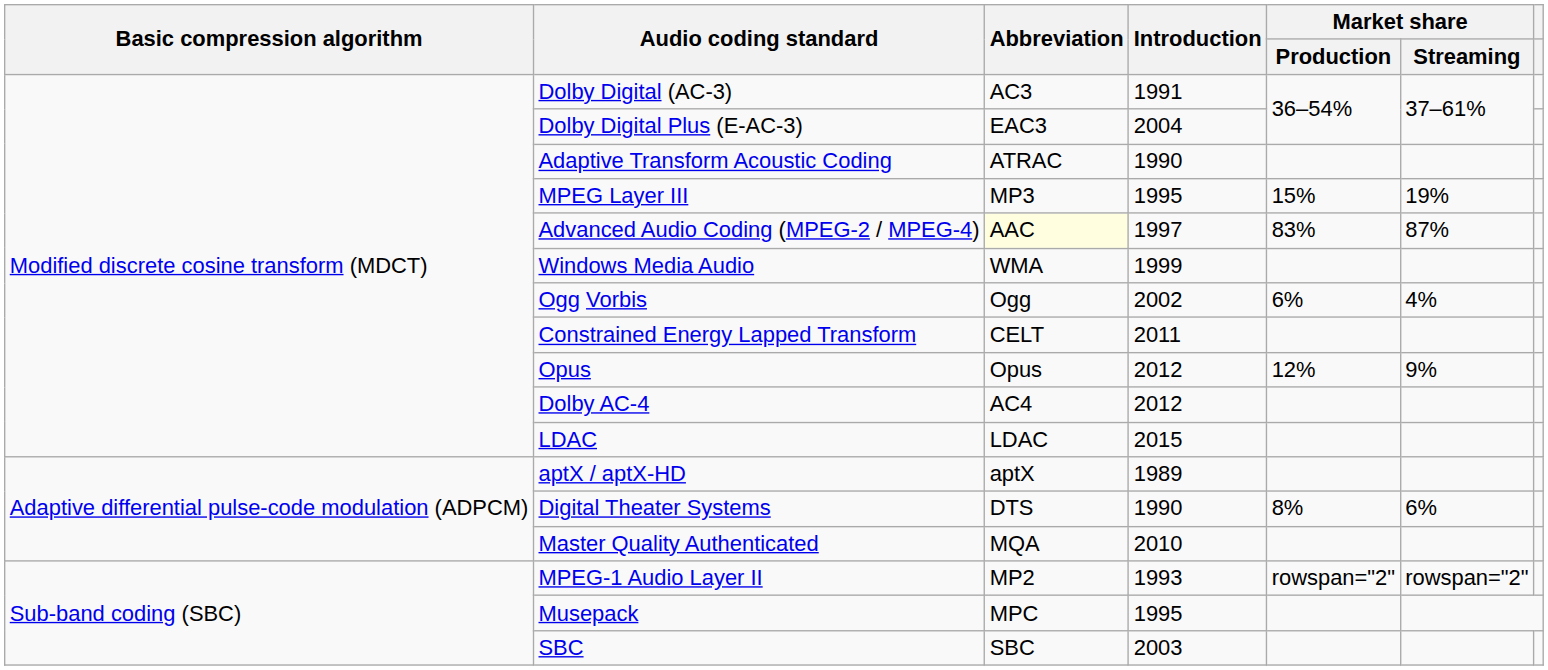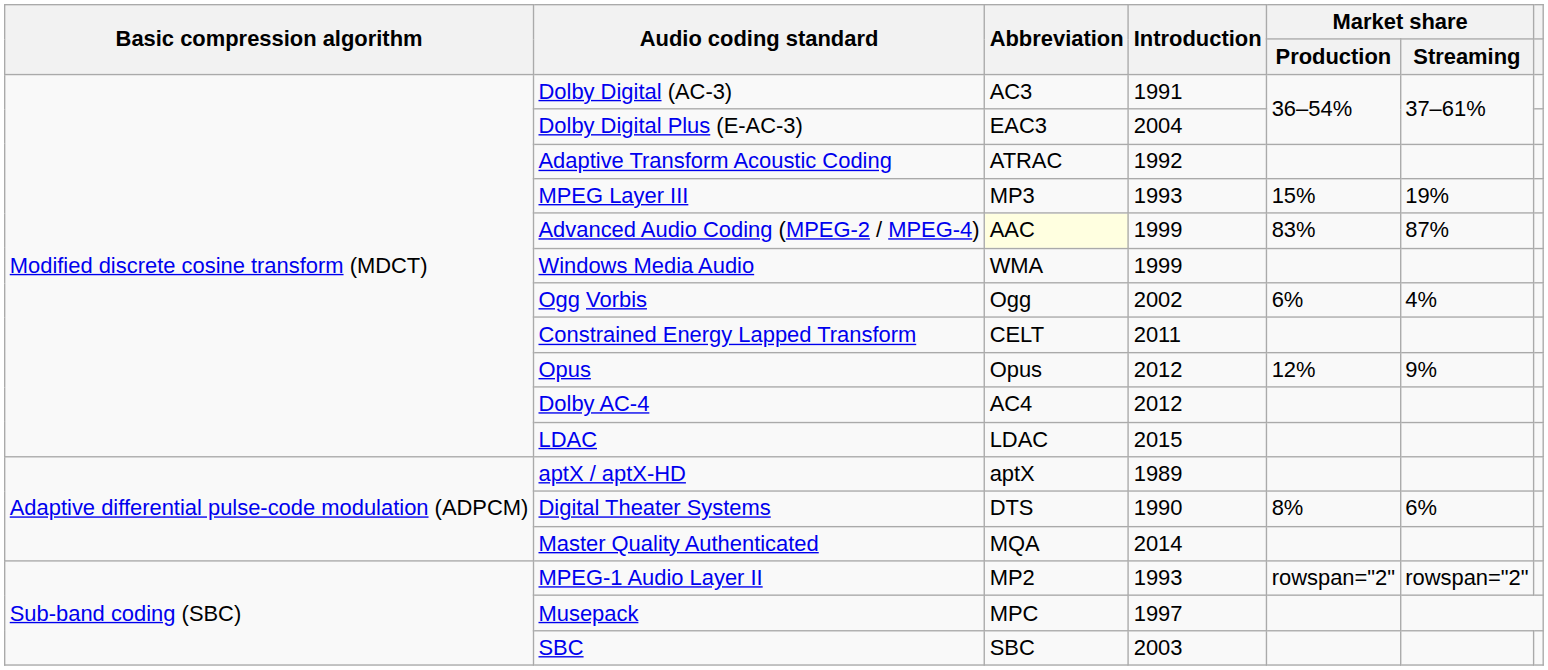 <table class="wikitable sortable">
 <tr>
 <th rowspan="2">Basic compression algorithm</th>
 <th rowspan="2">Audio coding standard</th>
 <th rowspan="2">Abbreviation</th>
 <th rowspan="2">Introduction</th>
 <th colspan="2">Market share </th>
 <th></th>
 </tr>
 <tr>
 <th>Production</th>
 <th>Streaming</th>
 <th></th>
 </tr>
 <tr>
 <td rowspan="11"><a href='#'>Modified discrete cosine transform</a> (MDCT)</td>
 <td><a href='#'>Dolby Digital</a> (AC-3)</td>
 <td>AC3</td>
 <td>1991</td>
 <td rowspan="2">36–54%</td>
 <td rowspan="2">37–61%</td>
 <td></td>
 </tr>
 <tr>
 <td><a href='#'>Dolby Digital Plus</a> (E-AC-3)</td>
 <td>EAC3</td>
 <td>2004</td>
 <td></td>
 </tr>
 <tr>
 <td><a href='#'>Adaptive Transform Acoustic Coding</a></td>
 <td>ATRAC</td>
-<td>1990</td>
+<td>1992</td>
 <td></td>
 <td></td>
 <td></td>
 </tr>
 <tr>
 <td><a href='#'>MPEG Layer III</a></td>
 <td>MP3</td>
-<td>1995</td>
+<td>1993</td>
 <td>15%</td>
 <td>19%</td>
 <td></td>
 </tr>
 <tr>
 <td><a href='#'>Advanced Audio Coding</a> (<a href='#'>MPEG-2</a> / <a href='#'>MPEG-4</a>)</td>
 <td style="background: lightyellow;">AAC</td>
-<td>1997</td>
+<td>1999</td>
 <td>83%</td>
 <td>87%</td>
 <td></td>
 </tr>
 <tr>
 <td><a href='#'>Windows Media Audio</a></td>
 <td>WMA</td>
 <td>1999</td>
 <td></td>
 <td></td>
 <td></td>
 </tr>
 <tr>
 <td><a href='#'>Ogg</a> <a href='#'>Vorbis</a></td>
 <td>Ogg</td>
 <td>2002</td>
 <td>6%</td>
 <td>4%</td>
 <td></td>
 </tr>
 <tr>
 <td><a href='#'>Constrained Energy Lapped Transform</a></td>
 <td>CELT</td>
 <td>2011</td>
 <td></td>
 <td></td>
 <td></td>
 </tr>
 <tr>
 <td><a href='#'>Opus</a></td>
 <td>Opus</td>
 <td>2012</td>
 <td>12%</td>
 <td>9%</td>
 <td></td>
 </tr>
 <tr>
 <td><a href='#'>Dolby AC-4</a></td>
 <td>AC4</td>
 <td>2012</td>
 <td></td>
 <td></td>
 <td></td>
 </tr>
 <tr>
 <td><a href='#'>LDAC</a></td>
 <td>LDAC</td>
 <td>2015</td>
 <td></td>
 <td></td>
 <td></td>
 </tr>
 <tr>
 <td rowspan="3"><a href='#'>Adaptive differential pulse-code modulation</a> (ADPCM)</td>
 <td><a href='#'>aptX / aptX-HD</a></td>
 <td>aptX</td>
 <td>1989</td>
 <td></td>
 <td></td>
 <td></td>
 </tr>
 <tr>
 <td><a href='#'>Digital Theater Systems</a></td>
 <td>DTS</td>
 <td>1990</td>
 <td>8%</td>
 <td>6%</td>
 <td></td>
 </tr>
 <tr>
 <td><a href='#'>Master Quality Authenticated</a></td>
 <td>MQA</td>
-<td>2010</td>
+<td>2014</td>
 <td></td>
 <td></td>
 <td></td>
 </tr>
 <tr>
 <td rowspan="3"><a href='#'>Sub-band coding</a> (SBC)</td>
 <td><a href='#'>MPEG-1 Audio Layer II</a></td>
 <td>MP2</td>
 <td>1993</td>
 <td>rowspan="2" </td>
 <td>rowspan="2" </td>
 <td></td>
 </tr>
 <tr>
 <td><a href='#'>Musepack</a></td>
 <td>MPC</td>
-<td>1995</td>
+<td>1997</td>
 <td></td>
 </tr>
 <tr>
 <td><a href='#'>SBC</a></td>
 <td>SBC</td>
 <td>2003</td>
 <td></td>
 <td></td>
 <td></td>
 </tr>
 </table>
